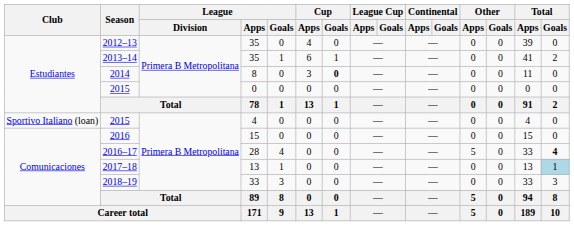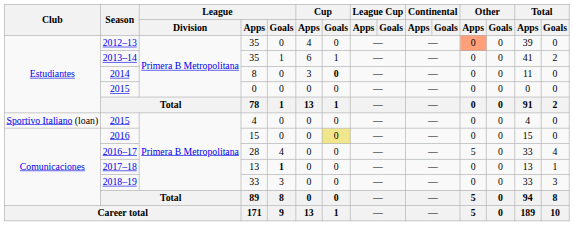 <table class="wikitable" style="text-align:center">
 <tr>
 <th rowspan="2">Club</th>
 <th rowspan="2">Season</th>
 <th colspan="3">League</th>
 <th colspan="2">Cup</th>
 <th colspan="2">League Cup</th>
 <th colspan="2">Continental</th>
 <th colspan="2">Other</th>
 <th colspan="2">Total</th>
 </tr>
 <tr>
 <th>Division</th>
 <th>Apps</th>
 <th>Goals</th>
 <th>Apps</th>
 <th>Goals</th>
 <th>Apps</th>
 <th>Goals</th>
 <th>Apps</th>
 <th>Goals</th>
 <th>Apps</th>
 <th>Goals</th>
 <th>Apps</th>
 <th>Goals</th>
 </tr>
 <tr>
 <td rowspan="5"><a href='#'>Estudiantes</a></td>
 <td><a href='#'>2012–13</a></td>
 <td rowspan="4"><a href='#'>Primera B Metropolitana</a></td>
 <td>35</td>
 <td>0</td>
 <td>4</td>
 <td>0</td>
 <td colspan="2">—</td>
 <td colspan="2">—</td>
-<td>0</td>
+<td style="background: lightsalmon;">0</td>
 <td>0</td>
 <td>39</td>
 <td>0</td>
 </tr>
 <tr>
 <td><a href='#'>2013–14</a></td>
 <td>35</td>
 <td>1</td>
 <td>6</td>
 <td>1</td>
 <td colspan="2">—</td>
 <td colspan="2">—</td>
 <td>0</td>
 <td>0</td>
 <td>41</td>
 <td>2</td>
 </tr>
 <tr>
 <td><a href='#'>2014</a></td>
 <td>8</td>
 <td>0</td>
 <td>3</td>
 <td><strong>0</strong></td>
 <td colspan="2">—</td>
 <td colspan="2">—</td>
 <td>0</td>
 <td>0</td>
 <td>11</td>
 <td>0</td>
 </tr>
 <tr>
 <td><a href='#'>2015</a></td>
 <td>0</td>
 <td>0</td>
 <td>0</td>
 <td>0</td>
 <td colspan="2">—</td>
 <td colspan="2">—</td>
 <td>0</td>
 <td>0</td>
 <td>0</td>
 <td>0</td>
 </tr>
 <tr>
 <th colspan="2">Total</th>
 <th>78</th>
 <th>1</th>
 <th>13</th>
 <th>1</th>
 <th colspan="2">—</th>
 <th colspan="2">—</th>
 <th>0</th>
 <th>0</th>
 <th>91</th>
 <th>2</th>
 </tr>
 <tr>
 <td rowspan="1"><a href='#'>Sportivo Italiano</a> (loan)</td>
 <td><a href='#'>2015</a></td>
 <td rowspan="5"><a href='#'>Primera B Metropolitana</a></td>
 <td>4</td>
 <td>0</td>
 <td>0</td>
 <td>0</td>
 <td colspan="2">—</td>
 <td colspan="2">—</td>
 <td>0</td>
 <td>0</td>
 <td>4</td>
 <td>0</td>
 </tr>
 <tr>
 <td rowspan="5"><a href='#'>Comunicaciones</a></td>
 <td><a href='#'>2016</a></td>
 <td>15</td>
 <td>0</td>
 <td>0</td>
-<td>0</td>
+<td style="background: khaki;">0</td>
 <td colspan="2">—</td>
 <td colspan="2">—</td>
 <td>0</td>
 <td>0</td>
 <td>15</td>
 <td>0</td>
 </tr>
 <tr>
 <td><a href='#'>2016–17</a></td>
 <td>28</td>
 <td>4</td>
 <td>0</td>
 <td>0</td>
 <td colspan="2">—</td>
 <td colspan="2">—</td>
 <td>5</td>
 <td>0</td>
 <td>33</td>
-<td><strong>4</strong></td>
+<td>4</td>
 </tr>
 <tr>
 <td><a href='#'>2017–18</a></td>
 <td>13</td>
-<td>1</td>
+<td><strong>1</strong></td>
 <td>0</td>
 <td>0</td>
 <td colspan="2">—</td>
 <td colspan="2">—</td>
 <td>0</td>
 <td>0</td>
 <td>13</td>
-<td style="background: lightblue;">1</td>
+<td>1</td>
 </tr>
 <tr>
 <td><a href='#'>2018–19</a></td>
 <td>33</td>
 <td>3</td>
 <td>0</td>
 <td>0</td>
 <td colspan="2">—</td>
 <td colspan="2">—</td>
 <td>0</td>
 <td>0</td>
 <td>33</td>
 <td>3</td>
 </tr>
 <tr>
 <th colspan="2">Total</th>
 <th>89</th>
 <th>8</th>
 <th>0</th>
 <th>0</th>
 <th colspan="2">—</th>
 <th colspan="2">—</th>
 <th>5</th>
 <th>0</th>
 <th>94</th>
 <th>8</th>
 </tr>
 <tr>
 <th colspan="3">Career total</th>
 <th>171</th>
 <th>9</th>
 <th>13</th>
 <th>1</th>
 <th colspan="2">—</th>
 <th colspan="2">—</th>
 <th>5</th>
 <th>0</th>
 <th>189</th>
 <th>10</th>
 </tr>
 </table>
